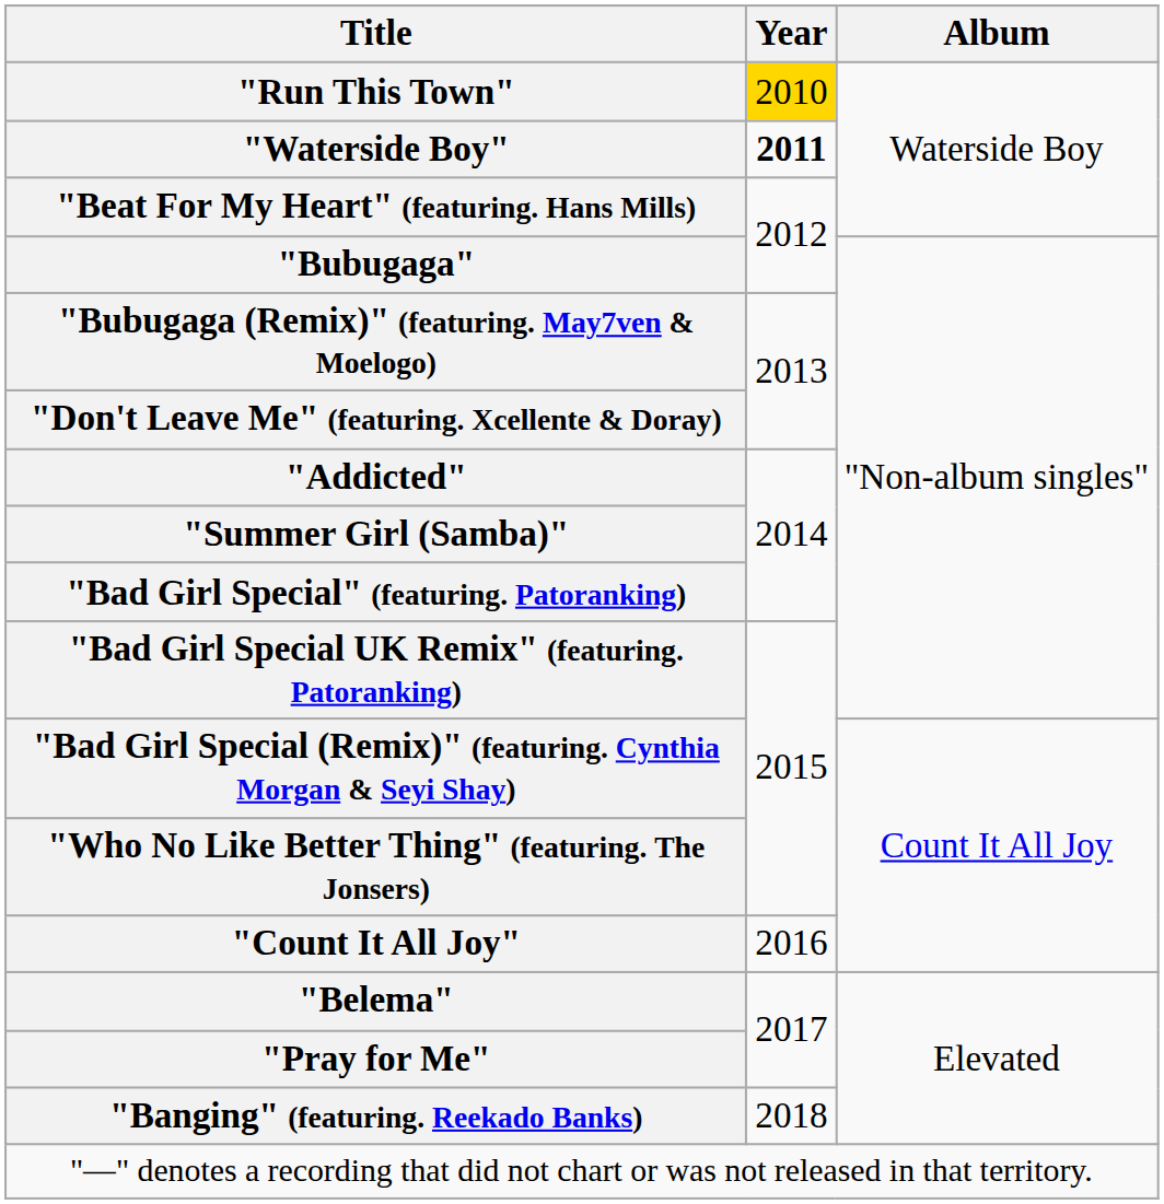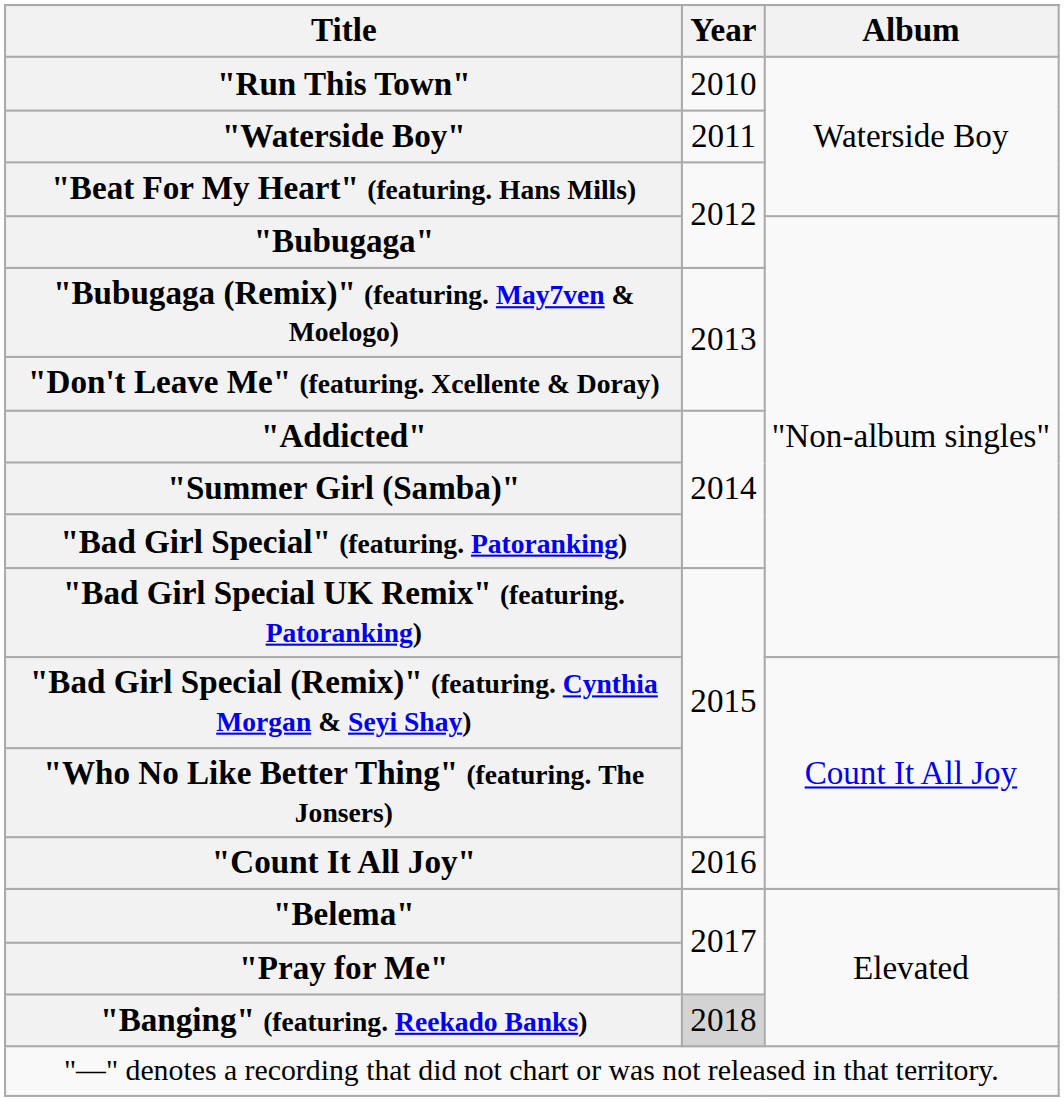 <table class="wikitable plainrowheaders" style="text-align:center;">
 <tr>
 <th scope="col" style="width:20em;">Title</th>
 <th scope="col">Year</th>
 <th scope="col">Album</th>
 </tr>
 <tr>
 <th scope="row">"Run This Town"</th>
-<td style="background: gold;">2010</td>
+<td>2010</td>
 <td rowspan="3">Waterside Boy</td>
 </tr>
 <tr>
 <th scope="row">"Waterside Boy"</th>
-<td><strong>2011</strong></td>
+<td>2011</td>
 </tr>
 <tr>
 <th scope="row">"Beat For My Heart" <small>(featuring. <strong>Hans Mills</strong>)</small></th>
 <td rowspan="2">2012</td>
 </tr>
 <tr>
 <th scope="row">"Bubugaga"</th>
 <td rowspan="7">"Non-album singles"</td>
 </tr>
 <tr>
 <th scope="row">"Bubugaga (Remix)" <small>(featuring. <strong><a href='#'>May7ven</a></strong> & <strong>Moelogo</strong>)</small></th>
 <td rowspan="2">2013</td>
 </tr>
 <tr>
 <th scope="row">"Don't Leave Me" <small>(featuring. <strong>Xcellente</strong> & <strong>Doray</strong>)</small></th>
 </tr>
 <tr>
 <th scope="row">"Addicted"</th>
 <td rowspan="3">2014</td>
 </tr>
 <tr>
 <th scope="row">"Summer Girl (Samba)"</th>
 </tr>
 <tr>
 <th scope="row">"Bad Girl Special" <small>(featuring. <strong><a href='#'>Patoranking</a></strong>)</small></th>
 </tr>
 <tr>
 <th scope="row">"Bad Girl Special UK Remix" <small>(featuring. <strong><a href='#'>Patoranking</a></strong>)</small></th>
 <td rowspan="3">2015</td>
 </tr>
 <tr>
 <th scope="row">"Bad Girl Special (Remix)" <small>(featuring. <strong><a href='#'>Cynthia Morgan</a></strong> & <strong><a href='#'>Seyi Shay</a></strong>)</small></th>
 <td rowspan="3"><a href='#'>Count It All Joy</a></td>
 </tr>
 <tr>
 <th scope="row">"Who No Like Better Thing" <small>(featuring. <strong>The Jonsers</strong>)</small></th>
 </tr>
 <tr>
 <th scope="row">"Count It All Joy"</th>
 <td>2016</td>
 </tr>
 <tr>
 <th scope="row">"Belema"</th>
 <td rowspan="2">2017</td>
 <td rowspan="3">Elevated</td>
 </tr>
 <tr>
 <th scope="row">"Pray for Me"</th>
 </tr>
 <tr>
 <th scope="row">"Banging" <small>(featuring. <strong><a href='#'>Reekado Banks</a></strong>)</small></th>
-<td>2018</td>
+<td style="background: lightgrey;">2018</td>
 </tr>
 <tr>
 <td colspan="3" style="font-size:90%">"—" denotes a recording that did not chart or was not released in that territory.</td>
 </tr>
 </table>
